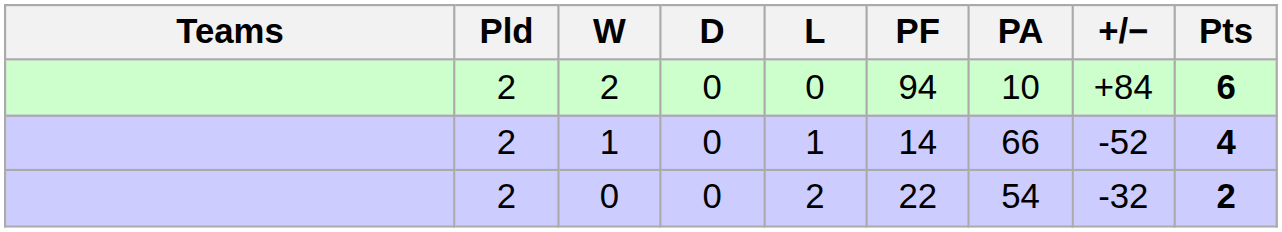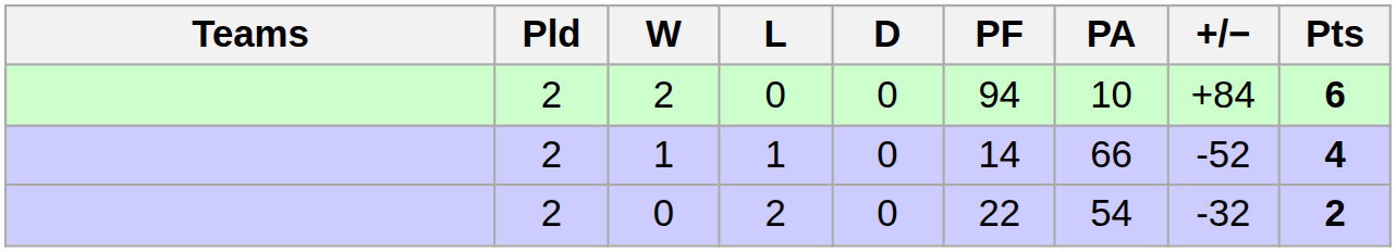 <table class="wikitable" style="text-align: center;">
 <tr>
 <th width="200">Teams</th>
 <th width="40">Pld</th>
 <th width="40">W</th>
+<th width="40">L</th>
 <th width="40">D</th>
-<th width="40">L</th>
 <th width="40">PF</th>
 <th width="40">PA</th>
 <th width="40">+/−</th>
 <th width="40">Pts</th>
 </tr>
 <tr bgcolor=ccffcc>
 <td align=left></td>
 <td>2</td>
 <td>2</td>
 <td>0</td>
 <td>0</td>
 <td>94</td>
 <td>10</td>
 <td>+84</td>
 <td><strong>6</strong></td>
 </tr>
 <tr bgcolor=ccccff>
 <td align=left></td>
 <td>2</td>
 <td>1</td>
+<td>1</td>
 <td>0</td>
-<td>1</td>
 <td>14</td>
 <td>66</td>
 <td>-52</td>
 <td><strong>4</strong></td>
 </tr>
 <tr bgcolor=ccccff>
 <td align=left></td>
 <td>2</td>
 <td>0</td>
+<td>2</td>
 <td>0</td>
-<td>2</td>
 <td>22</td>
 <td>54</td>
 <td>-32</td>
 <td><strong>2</strong></td>
 </tr>
 </table>
